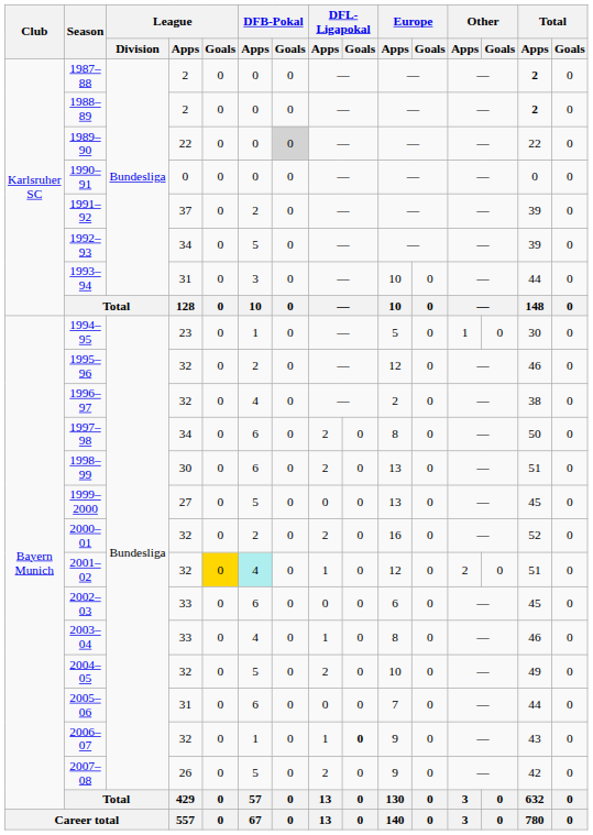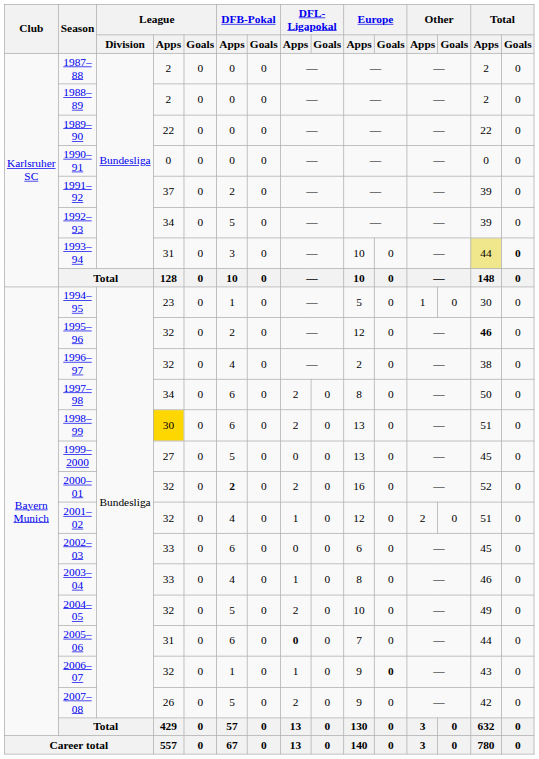 <table class="wikitable" style="text-align:center">
 <tr>
 <th rowspan="2">Club</th>
 <th rowspan="2">Season</th>
 <th colspan="3">League</th>
 <th colspan="2"><a href='#'>DFB-Pokal</a></th>
 <th colspan="2"><a href='#'>DFL-Ligapokal</a></th>
 <th colspan="2"><a href='#'>Europe</a></th>
 <th colspan="2">Other</th>
 <th colspan="2">Total</th>
 </tr>
 <tr>
 <th>Division</th>
 <th>Apps</th>
 <th>Goals</th>
 <th>Apps</th>
 <th>Goals</th>
 <th>Apps</th>
 <th>Goals</th>
 <th>Apps</th>
 <th>Goals</th>
 <th>Apps</th>
 <th>Goals</th>
 <th>Apps</th>
 <th>Goals</th>
 </tr>
 <tr>
 <td rowspan="8"><a href='#'>Karlsruher SC</a></td>
 <td><a href='#'>1987–88</a></td>
 <td rowspan="7"><a href='#'>Bundesliga</a></td>
 <td>2</td>
 <td>0</td>
 <td>0</td>
 <td>0</td>
 <td colspan="2">—</td>
 <td colspan="2">—</td>
 <td colspan="2">—</td>
-<td><strong>2</strong></td>
+<td>2</td>
 <td>0</td>
 </tr>
 <tr>
 <td><a href='#'>1988–89</a></td>
 <td>2</td>
 <td>0</td>
 <td>0</td>
 <td>0</td>
 <td colspan="2">—</td>
 <td colspan="2">—</td>
 <td colspan="2">—</td>
-<td><strong>2</strong></td>
+<td>2</td>
 <td>0</td>
 </tr>
 <tr>
 <td><a href='#'>1989–90</a></td>
 <td>22</td>
 <td>0</td>
 <td>0</td>
-<td style="background: lightgrey;">0</td>
+<td>0</td>
 <td colspan="2">—</td>
 <td colspan="2">—</td>
 <td colspan="2">—</td>
 <td>22</td>
 <td>0</td>
 </tr>
 <tr>
 <td><a href='#'>1990–91</a></td>
 <td>0</td>
 <td>0</td>
 <td>0</td>
 <td>0</td>
 <td colspan="2">—</td>
 <td colspan="2">—</td>
 <td colspan="2">—</td>
 <td>0</td>
 <td>0</td>
 </tr>
 <tr>
 <td><a href='#'>1991–92</a></td>
 <td>37</td>
 <td>0</td>
 <td>2</td>
 <td>0</td>
 <td colspan="2">—</td>
 <td colspan="2">—</td>
 <td colspan="2">—</td>
 <td>39</td>
 <td>0</td>
 </tr>
 <tr>
 <td><a href='#'>1992–93</a></td>
 <td>34</td>
 <td>0</td>
 <td>5</td>
 <td>0</td>
 <td colspan="2">—</td>
 <td colspan="2">—</td>
 <td colspan="2">—</td>
 <td>39</td>
 <td>0</td>
 </tr>
 <tr>
 <td><a href='#'>1993–94</a></td>
 <td>31</td>
 <td>0</td>
 <td>3</td>
 <td>0</td>
 <td colspan="2">—</td>
 <td>10</td>
 <td>0</td>
 <td colspan="2">—</td>
-<td>44</td>
-<td>0</td>
+<td style="background: khaki;">44</td>
+<td><strong>0</strong></td>
 </tr>
 <tr>
 <th colspan="2">Total</th>
 <th>128</th>
 <th>0</th>
 <th>10</th>
 <th>0</th>
 <th colspan="2">—</th>
 <th>10</th>
 <th>0</th>
 <th colspan="2">—</th>
 <th>148</th>
 <th>0</th>
 </tr>
 <tr>
 <td rowspan="15"><a href='#'>Bayern Munich</a></td>
 <td><a href='#'>1994–95</a></td>
 <td rowspan="14">Bundesliga</td>
 <td>23</td>
 <td>0</td>
 <td>1</td>
 <td>0</td>
 <td colspan="2">—</td>
 <td>5</td>
 <td>0</td>
 <td>1</td>
 <td>0</td>
 <td>30</td>
 <td>0</td>
 </tr>
 <tr>
 <td><a href='#'>1995–96</a></td>
 <td>32</td>
 <td>0</td>
 <td>2</td>
 <td>0</td>
 <td colspan="2">—</td>
 <td>12</td>
 <td>0</td>
 <td colspan="2">—</td>
-<td>46</td>
+<td><strong>46</strong></td>
 <td>0</td>
 </tr>
 <tr>
 <td><a href='#'>1996–97</a></td>
 <td>32</td>
 <td>0</td>
 <td>4</td>
 <td>0</td>
 <td colspan="2">—</td>
 <td>2</td>
 <td>0</td>
 <td colspan="2">—</td>
 <td>38</td>
 <td>0</td>
 </tr>
 <tr>
 <td><a href='#'>1997–98</a></td>
 <td>34</td>
 <td>0</td>
 <td>6</td>
 <td>0</td>
 <td>2</td>
 <td>0</td>
 <td>8</td>
 <td>0</td>
 <td colspan="2">—</td>
 <td>50</td>
 <td>0</td>
 </tr>
 <tr>
 <td><a href='#'>1998–99</a></td>
-<td>30</td>
+<td style="background: gold;">30</td>
 <td>0</td>
 <td>6</td>
 <td>0</td>
 <td>2</td>
 <td>0</td>
 <td>13</td>
 <td>0</td>
 <td colspan="2">—</td>
 <td>51</td>
 <td>0</td>
 </tr>
 <tr>
 <td><a href='#'>1999–2000</a></td>
 <td>27</td>
 <td>0</td>
 <td>5</td>
 <td>0</td>
 <td>0</td>
 <td>0</td>
 <td>13</td>
 <td>0</td>
 <td colspan="2">—</td>
 <td>45</td>
 <td>0</td>
 </tr>
 <tr>
 <td><a href='#'>2000–01</a></td>
 <td>32</td>
 <td>0</td>
-<td>2</td>
+<td><strong>2</strong></td>
 <td>0</td>
 <td>2</td>
 <td>0</td>
 <td>16</td>
 <td>0</td>
 <td colspan="2">—</td>
 <td>52</td>
 <td>0</td>
 </tr>
 <tr>
 <td><a href='#'>2001–02</a></td>
 <td>32</td>
-<td style="background: gold;">0</td>
-<td style="background: paleturquoise;">4</td>
+<td>0</td>
+<td>4</td>
 <td>0</td>
 <td>1</td>
 <td>0</td>
 <td>12</td>
 <td>0</td>
 <td>2</td>
 <td>0</td>
 <td>51</td>
 <td>0</td>
 </tr>
 <tr>
 <td><a href='#'>2002–03</a></td>
 <td>33</td>
 <td>0</td>
 <td>6</td>
 <td>0</td>
 <td>0</td>
 <td>0</td>
 <td>6</td>
 <td>0</td>
 <td colspan="2">—</td>
 <td>45</td>
 <td>0</td>
 </tr>
 <tr>
 <td><a href='#'>2003–04</a></td>
 <td>33</td>
 <td>0</td>
 <td>4</td>
 <td>0</td>
 <td>1</td>
 <td>0</td>
 <td>8</td>
 <td>0</td>
 <td colspan="2">—</td>
 <td>46</td>
 <td>0</td>
 </tr>
 <tr>
 <td><a href='#'>2004–05</a></td>
 <td>32</td>
 <td>0</td>
 <td>5</td>
 <td>0</td>
 <td>2</td>
 <td>0</td>
 <td>10</td>
 <td>0</td>
 <td colspan="2">—</td>
 <td>49</td>
 <td>0</td>
 </tr>
 <tr>
 <td><a href='#'>2005–06</a></td>
 <td>31</td>
 <td>0</td>
 <td>6</td>
 <td>0</td>
-<td>0</td>
+<td><strong>0</strong></td>
 <td>0</td>
 <td>7</td>
 <td>0</td>
 <td colspan="2">—</td>
 <td>44</td>
 <td>0</td>
 </tr>
 <tr>
 <td><a href='#'>2006–07</a></td>
 <td>32</td>
 <td>0</td>
 <td>1</td>
 <td>0</td>
 <td>1</td>
+<td>0</td>
+<td>9</td>
 <td><strong>0</strong></td>
-<td>9</td>
-<td>0</td>
 <td colspan="2">—</td>
 <td>43</td>
 <td>0</td>
 </tr>
 <tr>
 <td><a href='#'>2007–08</a></td>
 <td>26</td>
 <td>0</td>
 <td>5</td>
 <td>0</td>
 <td>2</td>
 <td>0</td>
 <td>9</td>
 <td>0</td>
 <td colspan="2">—</td>
 <td>42</td>
 <td>0</td>
 </tr>
 <tr>
 <th colspan="2">Total</th>
 <th>429</th>
 <th>0</th>
 <th>57</th>
 <th>0</th>
 <th>13</th>
 <th>0</th>
 <th>130</th>
 <th>0</th>
 <th>3</th>
 <th>0</th>
 <th>632</th>
 <th>0</th>
 </tr>
 <tr>
 <th colspan="3">Career total</th>
 <th>557</th>
 <th>0</th>
 <th>67</th>
 <th>0</th>
 <th>13</th>
 <th>0</th>
 <th>140</th>
 <th>0</th>
 <th>3</th>
 <th>0</th>
 <th>780</th>
 <th>0</th>
 </tr>
 </table>
